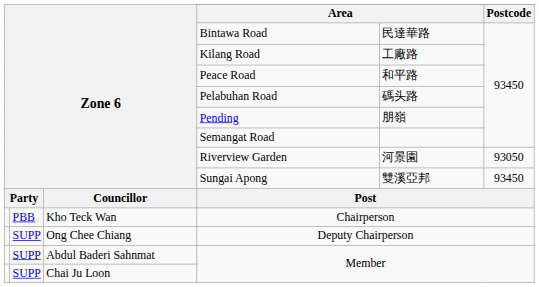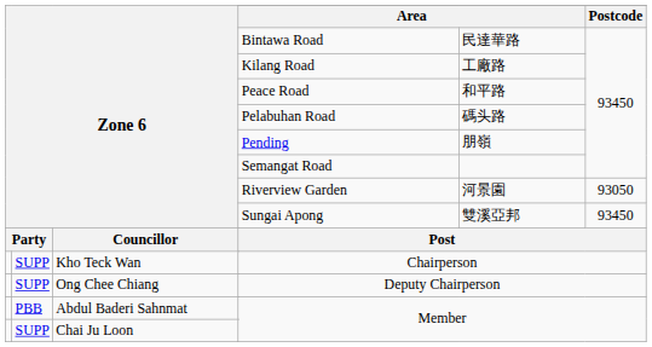 <table class="wikitable">
 <tr>
 <th width="220" colspan="4" rowspan="10"><br><h3>Zone 6</h3></th>
 </tr>
 <tr>
 <th ! align=center width="380" colspan="2">Area</th>
 <th align=center><strong>Postcode</strong></th>
 </tr>
 <tr>
 <td>Bintawa Road</td>
 <td>民達華路</td>
 <td align=center rowspan="6">93450</td>
 </tr>
 <tr>
 <td>Kilang Road</td>
 <td>工廠路</td>
 </tr>
 <tr>
 <td>Peace Road</td>
 <td>和平路</td>
 </tr>
 <tr>
 <td>Pelabuhan Road</td>
 <td>碼头路</td>
 </tr>
 <tr>
 <td><a href='#'>Pending</a></td>
 <td>朋嶺</td>
 </tr>
 <tr>
 <td>Semangat Road</td>
 <td></td>
 </tr>
 <tr>
 <td>Riverview Garden</td>
 <td>河景園</td>
 <td align=center>93050</td>
 </tr>
 <tr>
 <td>Sungai Apong</td>
 <td>雙溪亞邦</td>
 <td align=center>93450</td>
 </tr>
 <tr>
 <th colspan="2">Party</th>
 <th width="200" colspan="2">Councillor</th>
 <th colspan="3">Post</th>
 </tr>
 <tr>
 <td></td>
-<td><a href='#'>PBB</a></td>
+<td><a href='#'>SUPP</a></td>
 <td colspan="2">Kho Teck Wan</td>
 <td align=center colspan="3">Chairperson</td>
 </tr>
 <tr>
 <td></td>
 <td><a href='#'>SUPP</a></td>
 <td colspan="2">Ong Chee Chiang</td>
 <td align=center colspan="3">Deputy Chairperson</td>
 </tr>
 <tr>
 <td></td>
-<td><a href='#'>SUPP</a></td>
+<td><a href='#'>PBB</a></td>
 <td colspan="2">Abdul Baderi Sahnmat</td>
 <td align=center colspan="3" rowspan="2">Member</td>
 </tr>
 <tr>
 <td></td>
 <td><a href='#'>SUPP</a></td>
 <td colspan="2">Chai Ju Loon</td>
 </tr>
 </table>
